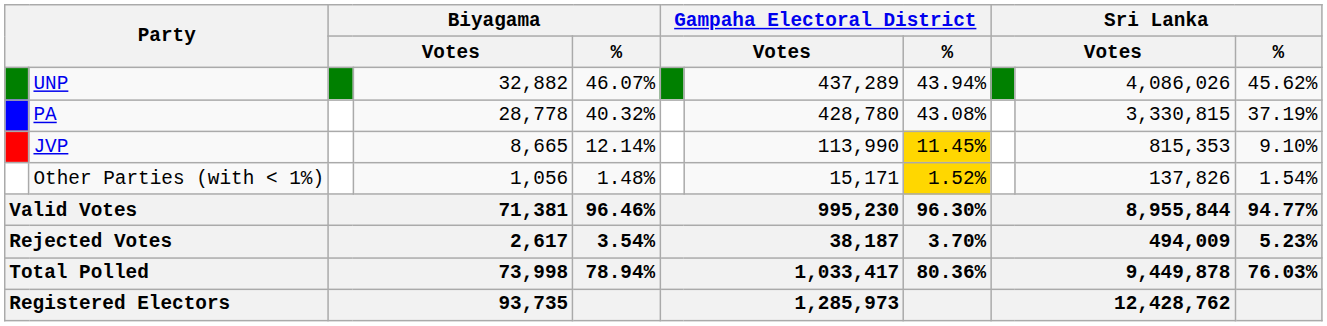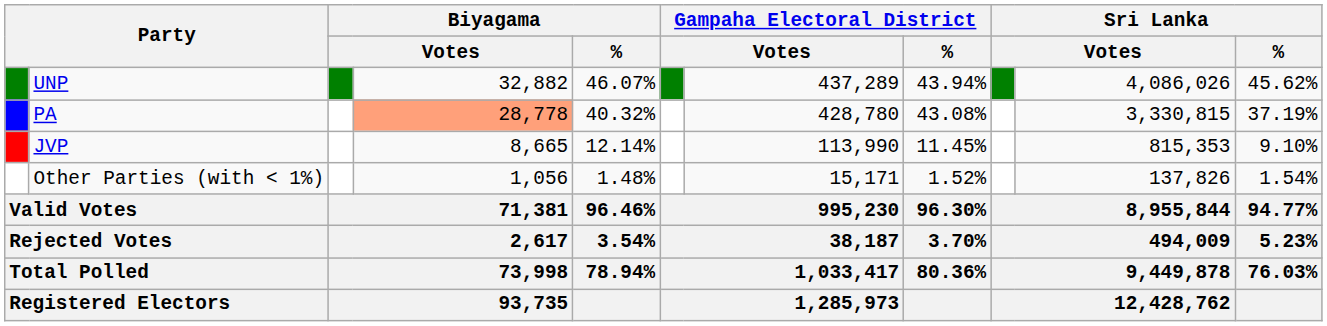 <table class="wikitable">
 <tr>
 <th colspan="2" width="144px"rowspan="2">Party</th>
 <th colspan="3" width="216px">Biyagama</th>
 <th colspan="3" width="216px"><a href='#'>Gampaha Electoral District</a></th>
 <th colspan="3" width="216px">Sri Lanka</th>
 </tr>
 <tr>
 <th colspan="2" width="144px">Votes</th>
 <th>%</th>
 <th colspan="2" width="144px">Votes</th>
 <th>%</th>
 <th colspan="2" width="144px">Votes</th>
 <th>%</th>
 </tr>
 <tr>
 <td style="background-color:green;" width="10px"></td>
 <td style="text-align:left;"><a href='#'>UNP</a></td>
 <td style="background-color:green;" width="10px"></td>
 <td style="text-align:right;">32,882</td>
 <td style="text-align:right;">46.07%</td>
 <td style="background-color:green;" width="10px"></td>
 <td style="text-align:right;">437,289</td>
 <td style="text-align:right;">43.94%</td>
 <td style="background-color:green;" width="10px"></td>
 <td style="text-align:right;">4,086,026</td>
 <td style="text-align:right;">45.62%</td>
 </tr>
 <tr>
 <td style="background-color:blue;" width="10px"></td>
 <td style="text-align:left;"><a href='#'>PA</a></td>
 <td style="background-color:white;" width="10px"></td>
-<td style="text-align:right;">28,778</td>
+<td style="background: lightsalmon; text-align:right;">28,778</td>
 <td style="text-align:right;">40.32%</td>
 <td style="background-color:white;" width="10px"></td>
 <td style="text-align:right;">428,780</td>
 <td style="text-align:right;">43.08%</td>
 <td style="background-color:white;" width="10px"></td>
 <td style="text-align:right;">3,330,815</td>
 <td style="text-align:right;">37.19%</td>
 </tr>
 <tr>
 <td style="background-color:red;" width="10px"></td>
 <td style="text-align:left;"><a href='#'>JVP</a></td>
 <td style="background-color:white;" width="10px"></td>
 <td style="text-align:right;">8,665</td>
 <td style="text-align:right;">12.14%</td>
 <td style="background-color:white;" width="10px"></td>
 <td style="text-align:right;">113,990</td>
-<td style="background: gold; text-align:right;">11.45%</td>
+<td style="text-align:right;">11.45%</td>
 <td style="background-color:white;" width="10px"></td>
 <td style="text-align:right;">815,353</td>
 <td style="text-align:right;">9.10%</td>
 </tr>
 <tr>
 <td style="background-color:white;" width="10px"></td>
 <td style="text-align:left;">Other Parties (with < 1%)</td>
 <td style="background-color:white;" width="10px"></td>
 <td style="text-align:right;">1,056</td>
 <td style="text-align:right;">1.48%</td>
 <td style="background-color:white;" width="10px"></td>
 <td style="text-align:right;">15,171</td>
-<td style="background: gold; text-align:right;">1.52%</td>
+<td style="text-align:right;">1.52%</td>
 <td style="background-color:white;" width="10px"></td>
 <td style="text-align:right;">137,826</td>
 <td style="text-align:right;">1.54%</td>
 </tr>
 <tr>
 <th colspan="2" width="144px"style="text-align:left;">Valid Votes</th>
 <th style="text-align:right;"colspan="2" width="144px">71,381</th>
 <th style="text-align:right;">96.46%</th>
 <th style="text-align:right;"colspan="2" width="144px">995,230</th>
 <th style="text-align:right;">96.30%</th>
 <th style="text-align:right;"colspan="2" width="144px">8,955,844</th>
 <th style="text-align:right;">94.77%</th>
 </tr>
 <tr>
 <th colspan="2" width="144px"style="text-align:left;">Rejected Votes</th>
 <th style="text-align:right;"colspan="2" width="144px">2,617</th>
 <th style="text-align:right;">3.54%</th>
 <th style="text-align:right;"colspan="2" width="144px">38,187</th>
 <th style="text-align:right;">3.70%</th>
 <th style="text-align:right;"colspan="2" width="144px">494,009</th>
 <th style="text-align:right;">5.23%</th>
 </tr>
 <tr>
 <th colspan="2" width="144px"style="text-align:left;">Total Polled</th>
 <th style="text-align:right;"colspan="2" width="144px">73,998</th>
 <th style="text-align:right;">78.94%</th>
 <th style="text-align:right;"colspan="2" width="144px">1,033,417</th>
 <th style="text-align:right;">80.36%</th>
 <th style="text-align:right;"colspan="2" width="144px">9,449,878</th>
 <th style="text-align:right;">76.03%</th>
 </tr>
 <tr>
 <th colspan="2" width="144px"style="text-align:left;">Registered Electors</th>
 <th style="text-align:right;"colspan="2" width="144px">93,735</th>
 <th></th>
 <th style="text-align:right;"colspan="2" width="144px">1,285,973</th>
 <th></th>
 <th style="text-align:right;"colspan="2" width="144px">12,428,762</th>
 <th></th>
 </tr>
 </table>
